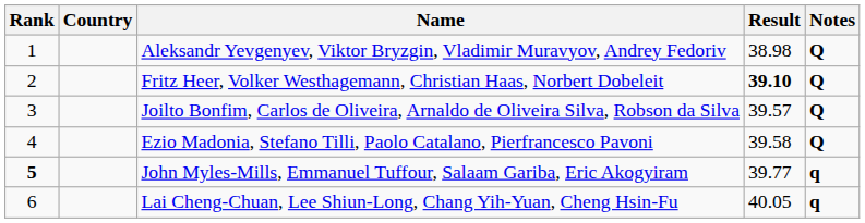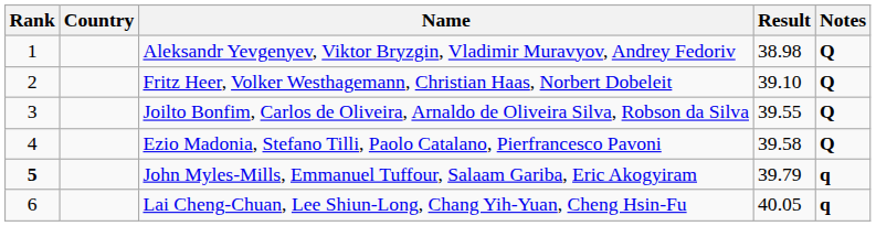 <table class="sortable wikitable">
 <tr>
 <th>Rank</th>
 <th>Country</th>
 <th>Name</th>
 <th>Result</th>
 <th>Notes</th>
 </tr>
 <tr>
 <td align="center">1</td>
 <td></td>
 <td><a href='#'>Aleksandr Yevgenyev</a>, <a href='#'>Viktor Bryzgin</a>, <a href='#'>Vladimir Muravyov</a>, <a href='#'>Andrey Fedoriv</a></td>
 <td>38.98</td>
 <td><strong>Q</strong></td>
 </tr>
 <tr>
 <td align="center">2</td>
 <td></td>
 <td><a href='#'>Fritz Heer</a>, <a href='#'>Volker Westhagemann</a>, <a href='#'>Christian Haas</a>, <a href='#'>Norbert Dobeleit</a></td>
-<td><strong>39.10</strong></td>
+<td>39.10</td>
 <td><strong>Q</strong></td>
 </tr>
 <tr>
 <td align="center">3</td>
 <td></td>
 <td><a href='#'>Joilto Bonfim</a>, <a href='#'>Carlos de Oliveira</a>, <a href='#'>Arnaldo de Oliveira Silva</a>, <a href='#'>Robson da Silva</a></td>
-<td>39.57</td>
+<td>39.55</td>
 <td><strong>Q</strong></td>
 </tr>
 <tr>
 <td align="center">4</td>
 <td></td>
 <td><a href='#'>Ezio Madonia</a>, <a href='#'>Stefano Tilli</a>, <a href='#'>Paolo Catalano</a>, <a href='#'>Pierfrancesco Pavoni</a></td>
 <td>39.58</td>
 <td><strong>Q</strong></td>
 </tr>
 <tr>
 <td align="center"><strong>5</strong></td>
 <td></td>
 <td><a href='#'>John Myles-Mills</a>, <a href='#'>Emmanuel Tuffour</a>, <a href='#'>Salaam Gariba</a>, <a href='#'>Eric Akogyiram</a></td>
-<td>39.77</td>
+<td>39.79</td>
 <td><strong>q</strong></td>
 </tr>
 <tr>
 <td align="center">6</td>
 <td></td>
 <td><a href='#'>Lai Cheng-Chuan</a>, <a href='#'>Lee Shiun-Long</a>, <a href='#'>Chang Yih-Yuan</a>, <a href='#'>Cheng Hsin-Fu</a></td>
 <td>40.05</td>
 <td><strong>q</strong></td>
 </tr>
 </table>
